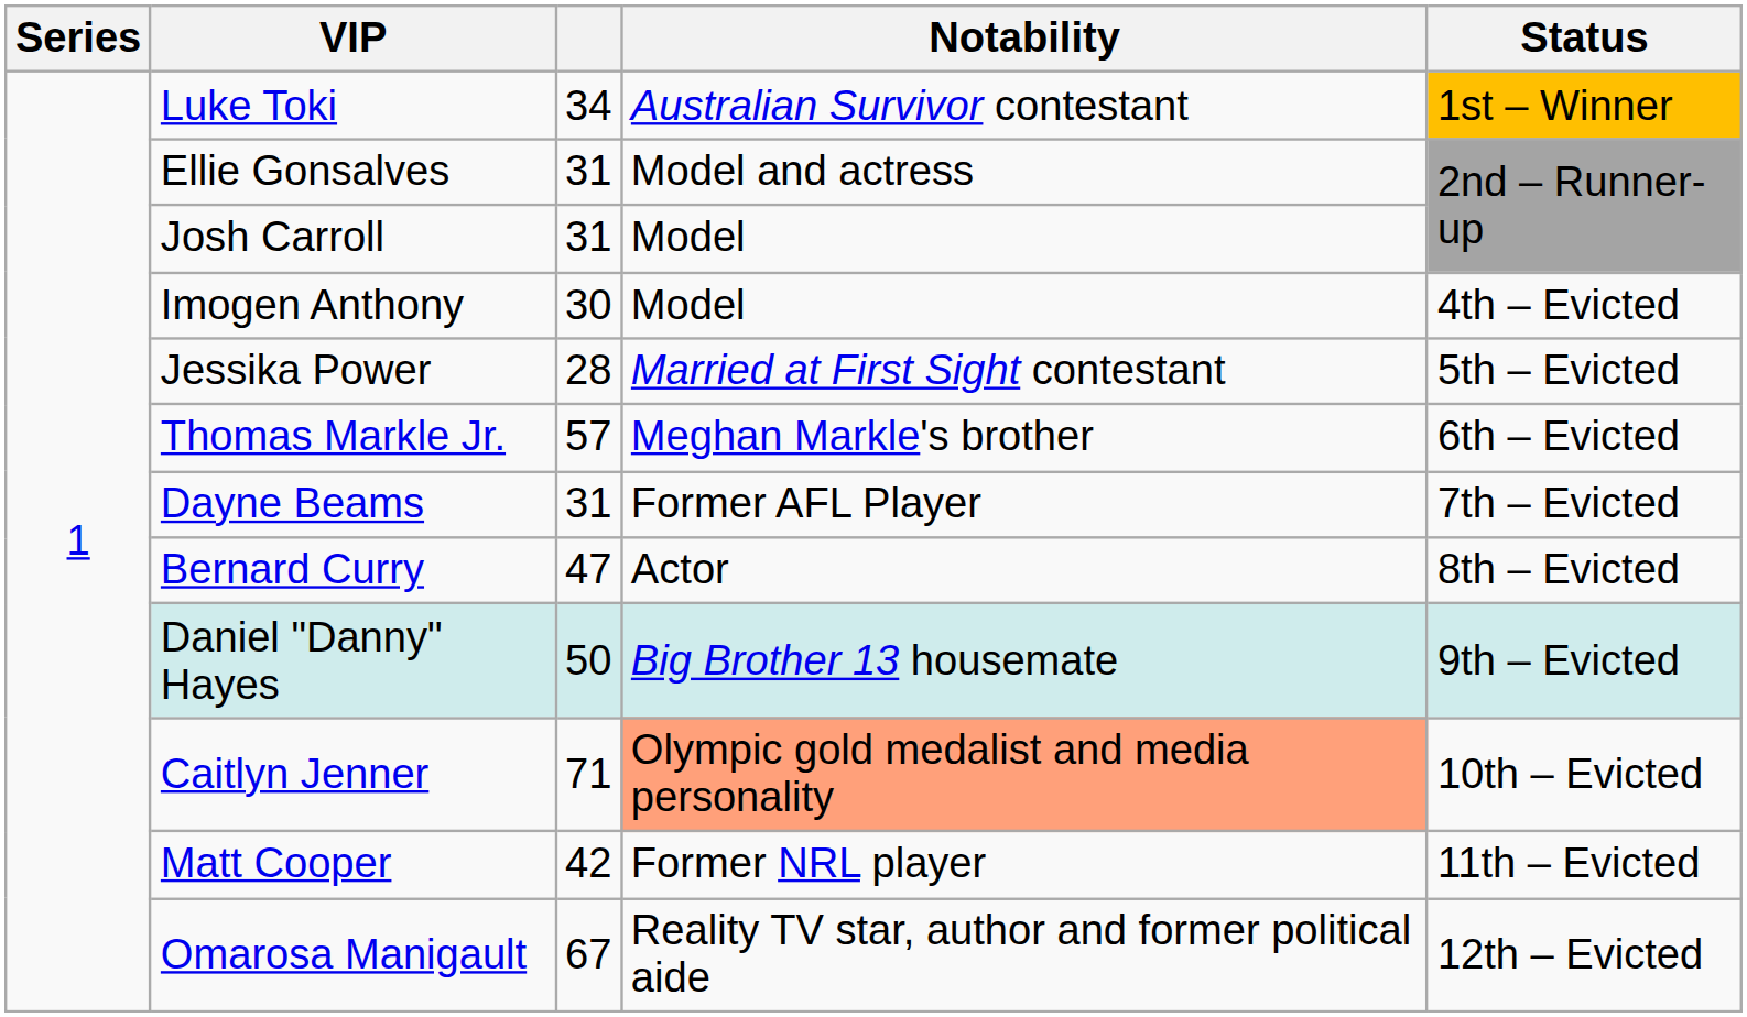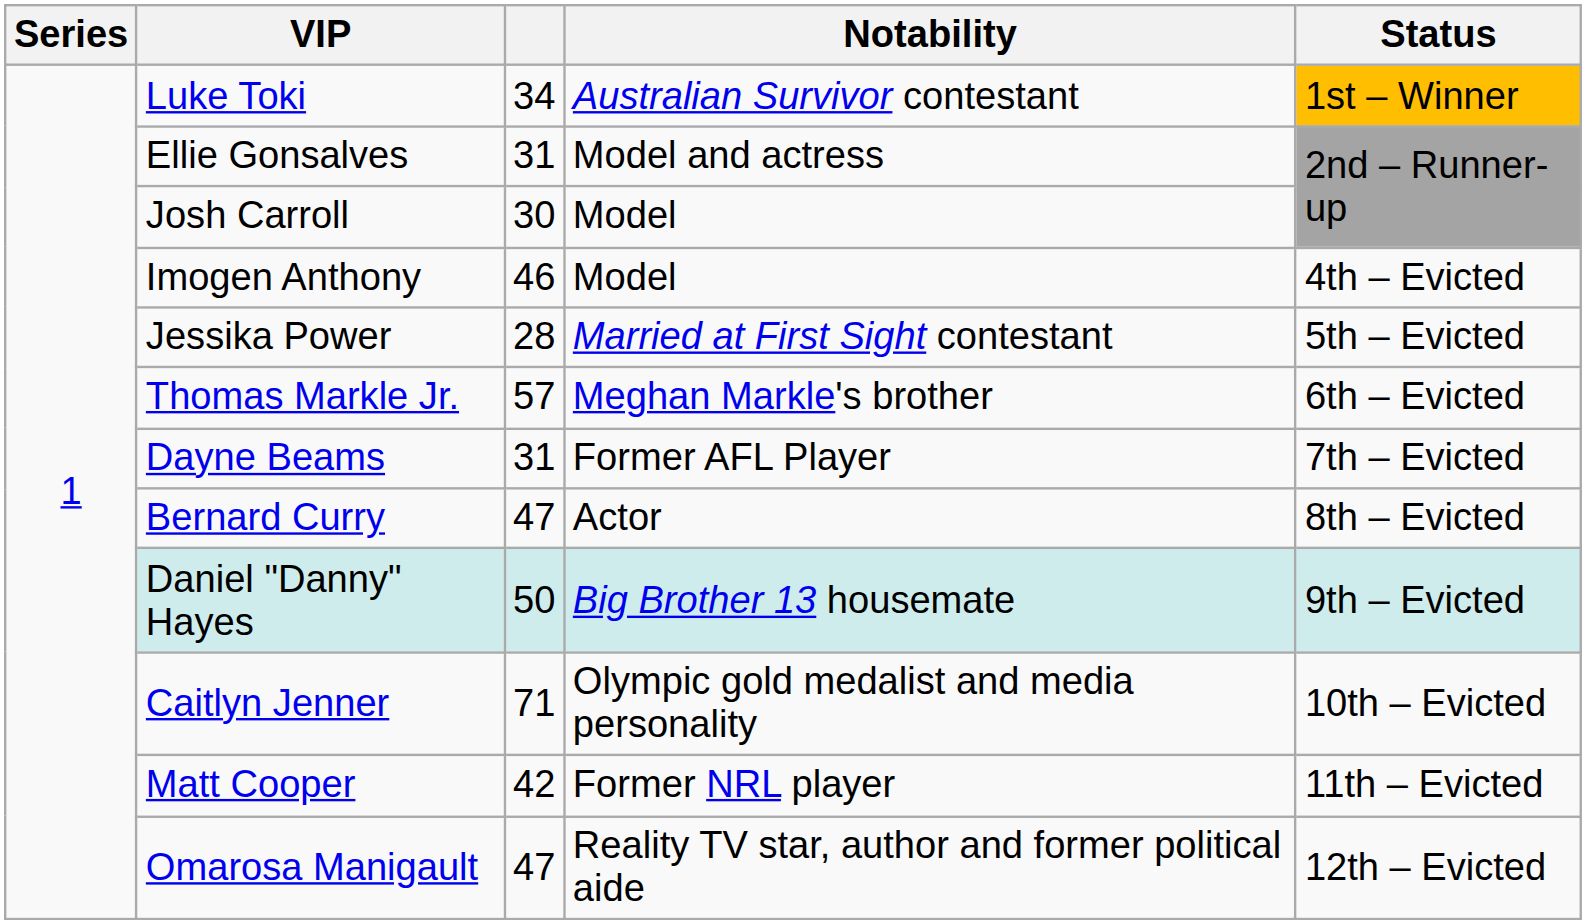 <table class="wikitable sortable" style="whitespace:no wrap; width:75%">
 <tr>
 <th bgcolor="#efefef">Series</th>
 <th bgcolor="#efefef">VIP</th>
 <th bgcolor="#efefef"></th>
 <th bgcolor="#efefef">Notability</th>
 <th bgcolor="#efefef">Status</th>
 </tr>
 <tr>
 <td rowspan="12" align="center"><a href='#'>1</a></td>
 <td><a href='#'>Luke Toki</a></td>
 <td>34</td>
 <td><em><a href='#'>Australian Survivor</a></em> contestant</td>
 <td style="background:#FFBF00;">1st – Winner</td>
 </tr>
 <tr>
 <td>Ellie Gonsalves</td>
 <td>31</td>
 <td>Model and actress</td>
 <td rowspan="2" style="background:#A4A4A4;">2nd – Runner-up</td>
 </tr>
 <tr>
 <td>Josh Carroll</td>
-<td>31</td>
+<td>30</td>
 <td>Model</td>
 </tr>
 <tr>
 <td>Imogen Anthony</td>
-<td>30</td>
+<td>46</td>
 <td>Model</td>
 <td>4th – Evicted</td>
 </tr>
 <tr>
 <td>Jessika Power</td>
 <td>28</td>
 <td><em><a href='#'>Married at First Sight</a></em> contestant</td>
 <td>5th – Evicted</td>
 </tr>
 <tr>
 <td><a href='#'>Thomas Markle Jr.</a></td>
 <td>57</td>
 <td><a href='#'>Meghan Markle</a>'s brother</td>
 <td>6th – Evicted</td>
 </tr>
 <tr>
 <td><a href='#'>Dayne Beams</a></td>
 <td>31</td>
 <td>Former AFL Player</td>
 <td>7th – Evicted</td>
 </tr>
 <tr>
 <td><a href='#'>Bernard Curry</a></td>
 <td>47</td>
 <td>Actor</td>
 <td>8th – Evicted</td>
 </tr>
 <tr>
 <td style="background:#CFECEC;">Daniel "Danny" Hayes</td>
 <td style="background:#CFECEC;">50</td>
 <td style="background:#CFECEC;"><em><a href='#'>Big Brother 13</a></em> housemate</td>
 <td style="background:#CFECEC;">9th – Evicted</td>
 </tr>
 <tr>
 <td><a href='#'>Caitlyn Jenner</a></td>
 <td>71</td>
-<td style="background: lightsalmon;">Olympic gold medalist and media personality</td>
+<td>Olympic gold medalist and media personality</td>
 <td>10th – Evicted</td>
 </tr>
 <tr>
 <td><a href='#'>Matt Cooper</a></td>
 <td>42</td>
 <td>Former <a href='#'>NRL</a> player</td>
 <td>11th – Evicted</td>
 </tr>
 <tr>
 <td><a href='#'>Omarosa Manigault</a></td>
-<td>67</td>
+<td>47</td>
 <td>Reality TV star, author and former political aide</td>
 <td>12th – Evicted</td>
 </tr>
 <tr>
 </tr>
 </table>
